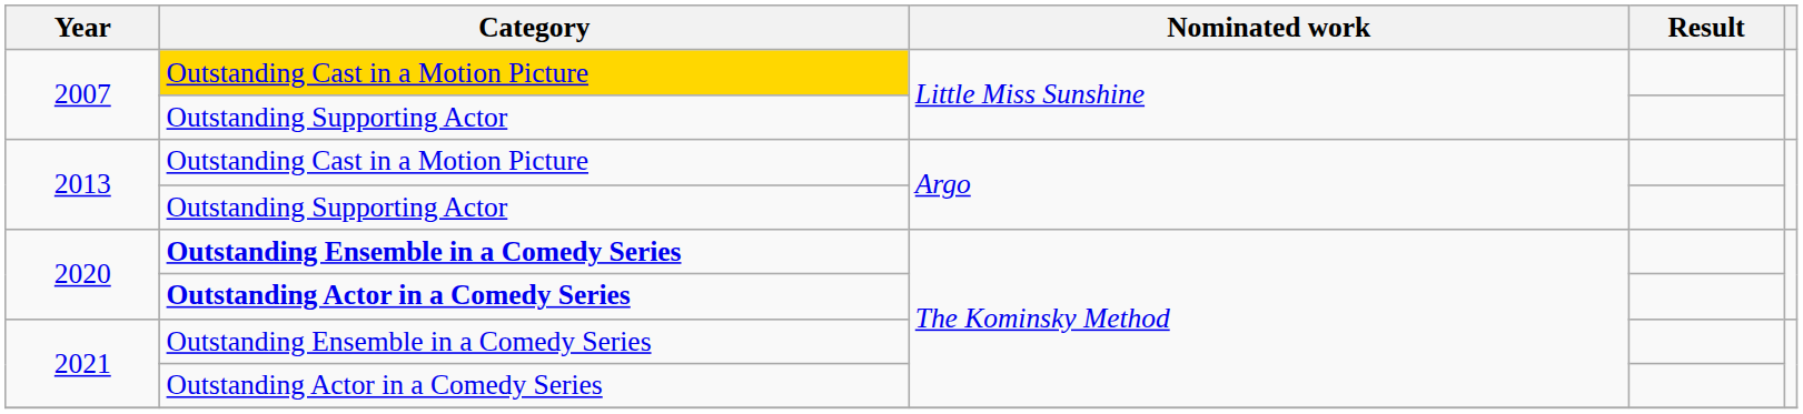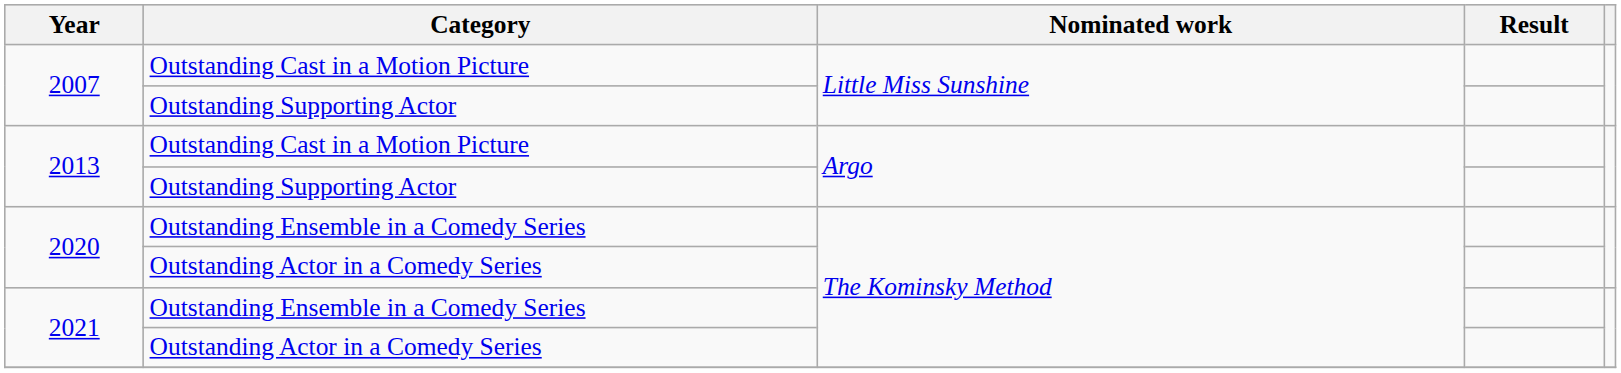 <table class=wikitable>
 <tr>
 <th scope="col" style="width:5em;">Year</th>
 <th scope="col" style="width:26em;">Category</th>
 <th scope="col" style="width:25em;">Nominated work</th>
 <th scope="col" style="width:5em;">Result</th>
 <th></th>
 </tr>
 <tr>
 <td style="text-align:center;", rowspan=2><a href='#'>2007</a></td>
-<td style="background: gold;"><a href='#'>Outstanding Cast in a Motion Picture</a></td>
+<td><a href='#'>Outstanding Cast in a Motion Picture</a></td>
 <td rowspan=2><em><a href='#'>Little Miss Sunshine</a></em></td>
 <td></td>
 <td rowspan=2></td>
 </tr>
 <tr>
 <td><a href='#'>Outstanding Supporting Actor</a></td>
 <td></td>
 </tr>
 <tr>
 <td style="text-align:center;", rowspan=2><a href='#'>2013</a></td>
 <td><a href='#'>Outstanding Cast in a Motion Picture</a></td>
 <td rowspan=2><em><a href='#'>Argo</a></em></td>
 <td></td>
 <td rowspan=2></td>
 </tr>
 <tr>
 <td><a href='#'>Outstanding Supporting Actor</a></td>
 <td></td>
 </tr>
 <tr>
 <td style="text-align:center;", rowspan=2><a href='#'>2020</a></td>
-<td><strong><a href='#'>Outstanding Ensemble in a Comedy Series</a></strong></td>
+<td><a href='#'>Outstanding Ensemble in a Comedy Series</a></td>
 <td rowspan=4><em><a href='#'>The Kominsky Method</a></em></td>
 <td></td>
 <td rowspan=2></td>
 </tr>
 <tr>
-<td><strong><a href='#'>Outstanding Actor in a Comedy Series</a></strong></td>
+<td><a href='#'>Outstanding Actor in a Comedy Series</a></td>
 <td></td>
 </tr>
 <tr>
 <td style="text-align:center;", rowspan=2><a href='#'>2021</a></td>
 <td><a href='#'>Outstanding Ensemble in a Comedy Series</a></td>
 <td></td>
 <td rowspan=2></td>
 </tr>
 <tr>
 <td><a href='#'>Outstanding Actor in a Comedy Series</a></td>
 <td></td>
 </tr>
 <tr>
 </tr>
 </table>
